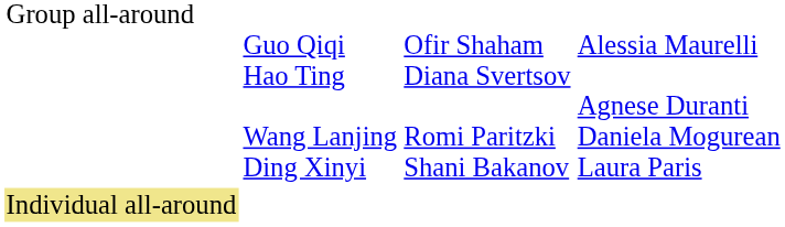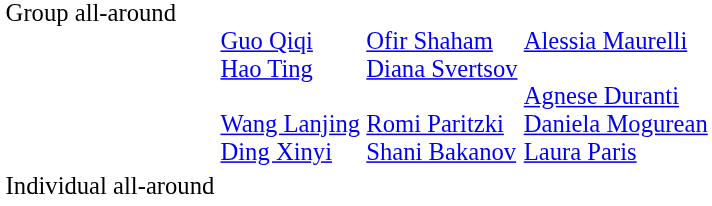 <table>
 <tr valign="top">
 <td>Group  all-around<br></td>
 <td><br><a href='#'>Guo Qiqi</a><br><a href='#'>Hao Ting</a><br><br><a href='#'>Wang Lanjing</a><br><a href='#'>Ding Xinyi</a></td>
 <td><br><a href='#'>Ofir Shaham</a><br><a href='#'>Diana Svertsov</a><br><br><a href='#'>Romi Paritzki</a><br><a href='#'>Shani Bakanov</a></td>
 <td><br><a href='#'>Alessia Maurelli</a><br><br><a href='#'>Agnese Duranti</a><br><a href='#'>Daniela Mogurean</a><br><a href='#'>Laura Paris</a></td>
 </tr>
 <tr>
-<td style="background: khaki;">Individual all-around<br></td>
+<td>Individual all-around<br></td>
 <td></td>
 <td></td>
 <td></td>
 </tr>
 </table>
